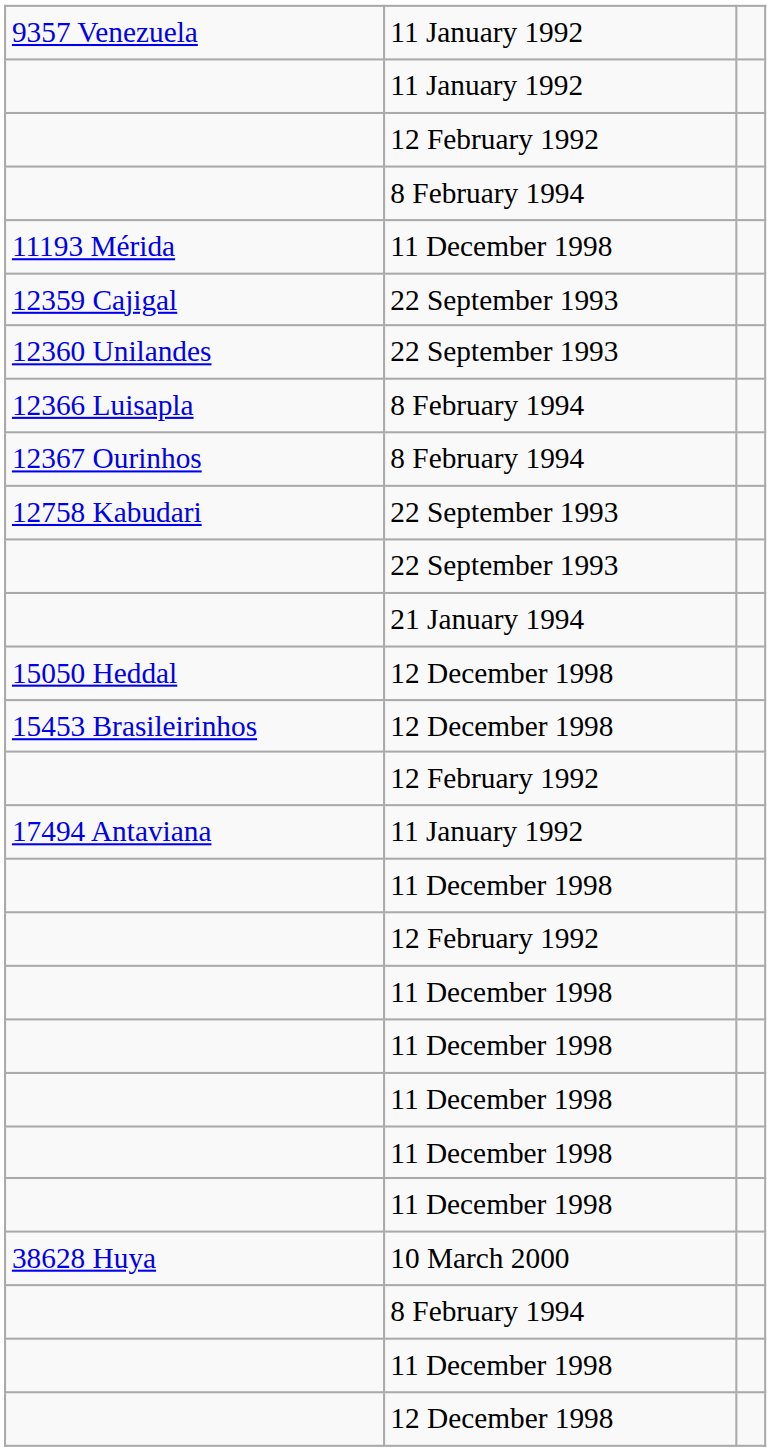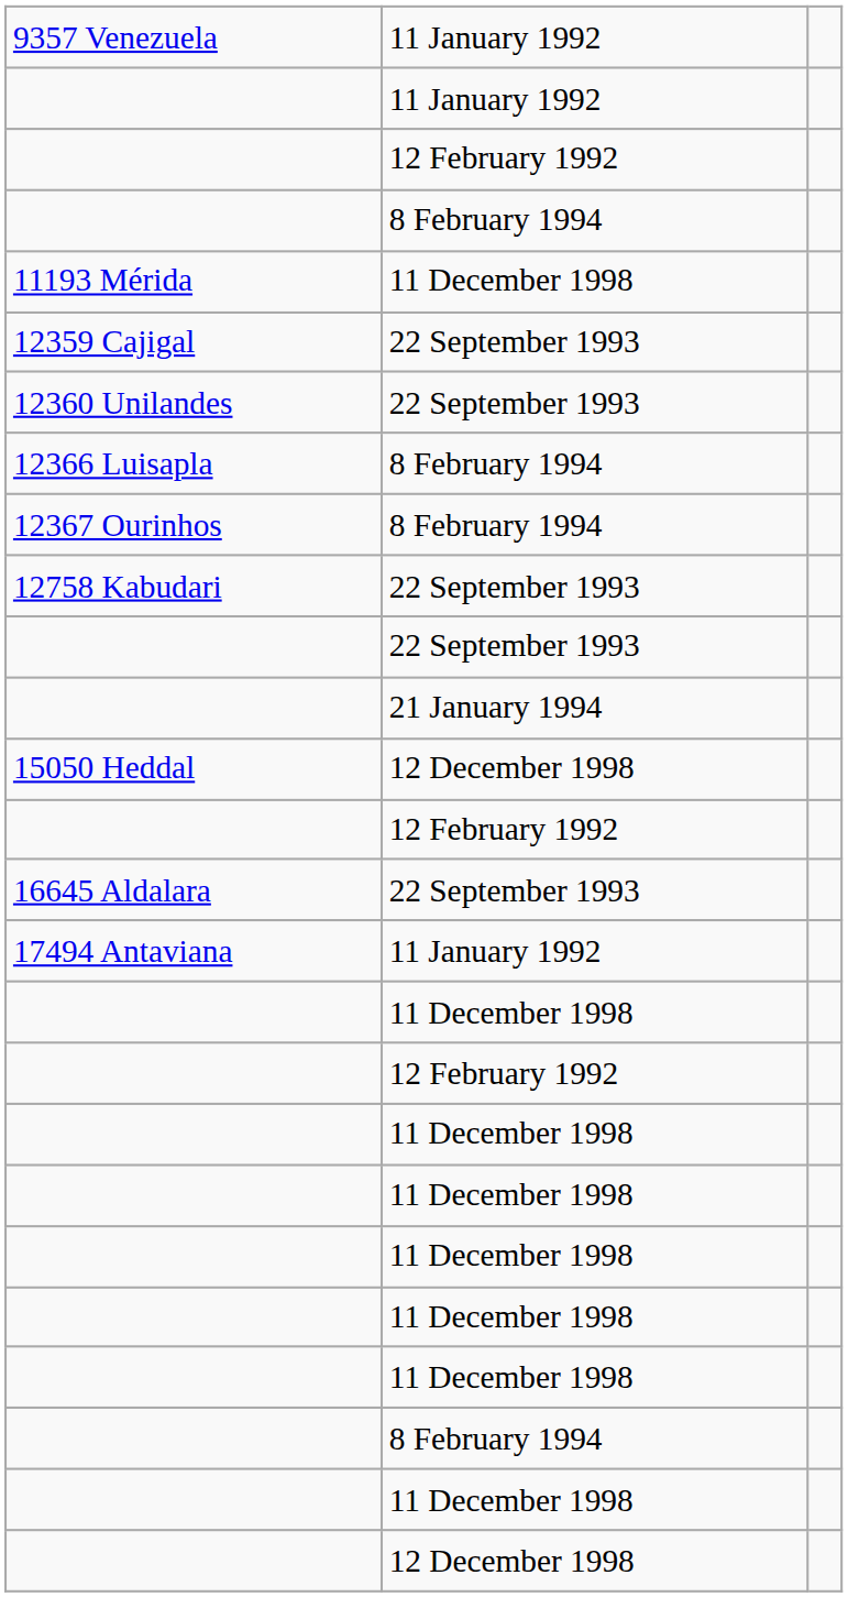 <table class="wikitable" style="font-size: 89%; float: left; width: 26em; margin-right: 1em; height: 700px;">
 <tr>
 <td><a href='#'>9357 Venezuela</a></td>
 <td>11 January 1992</td>
 <td> </td>
 </tr>
 <tr>
 <td></td>
 <td>11 January 1992</td>
 <td> </td>
 </tr>
 <tr>
 <td></td>
 <td>12 February 1992</td>
 <td> </td>
 </tr>
 <tr>
 <td></td>
 <td>8 February 1994</td>
 <td> </td>
 </tr>
 <tr>
 <td><a href='#'>11193 Mérida</a></td>
 <td>11 December 1998</td>
 <td> </td>
 </tr>
 <tr>
 <td><a href='#'>12359 Cajigal</a></td>
 <td>22 September 1993</td>
 <td> </td>
 </tr>
 <tr>
 <td><a href='#'>12360 Unilandes</a></td>
 <td>22 September 1993</td>
 <td> </td>
 </tr>
 <tr>
 <td><a href='#'>12366 Luisapla</a></td>
 <td>8 February 1994</td>
 <td> </td>
 </tr>
 <tr>
 <td><a href='#'>12367 Ourinhos</a></td>
 <td>8 February 1994</td>
 <td> </td>
 </tr>
 <tr>
 <td><a href='#'>12758 Kabudari</a></td>
 <td>22 September 1993</td>
 <td> </td>
 </tr>
 <tr>
 <td></td>
 <td>22 September 1993</td>
 <td> </td>
 </tr>
 <tr>
 <td></td>
 <td>21 January 1994</td>
 <td> </td>
 </tr>
 <tr>
 <td><a href='#'>15050 Heddal</a></td>
 <td>12 December 1998</td>
 <td> </td>
 </tr>
 <tr>
-<td><a href='#'>15453 Brasileirinhos</a></td>
-<td>12 December 1998</td>
+<td></td>
+<td>12 February 1992</td>
 <td> </td>
 </tr>
 <tr>
-<td></td>
-<td>12 February 1992</td>
+<td><a href='#'>16645 Aldalara</a></td>
+<td>22 September 1993</td>
 <td> </td>
 </tr>
 <tr>
 <td><a href='#'>17494 Antaviana</a></td>
 <td>11 January 1992</td>
 <td> </td>
 </tr>
 <tr>
 <td></td>
 <td>11 December 1998</td>
 <td> </td>
 </tr>
 <tr>
 <td></td>
 <td>12 February 1992</td>
 <td> </td>
 </tr>
 <tr>
 <td></td>
 <td>11 December 1998</td>
 <td> </td>
 </tr>
 <tr>
 <td></td>
 <td>11 December 1998</td>
 <td> </td>
 </tr>
 <tr>
 <td></td>
 <td>11 December 1998</td>
 <td> </td>
 </tr>
 <tr>
 <td></td>
 <td>11 December 1998</td>
 <td> </td>
 </tr>
 <tr>
 <td></td>
 <td>11 December 1998</td>
 <td> </td>
 </tr>
 <tr>
-<td><a href='#'>38628 Huya</a></td>
-<td>10 March 2000</td>
-<td> </td>
-</tr>
-<tr>
 <td></td>
 <td>8 February 1994</td>
 <td> </td>
 </tr>
 <tr>
 <td></td>
 <td>11 December 1998</td>
 <td> </td>
 </tr>
 <tr>
 <td></td>
 <td>12 December 1998</td>
 <td> </td>
 </tr>
 </table>
